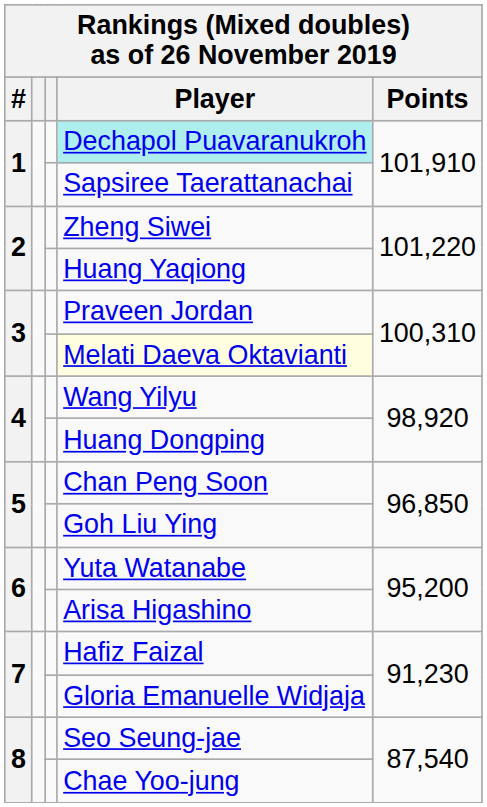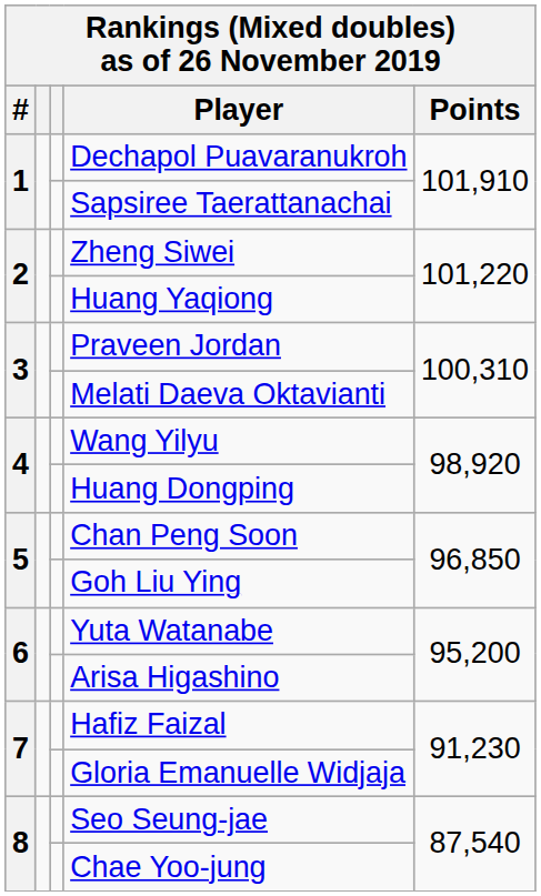 <table class="sortable wikitable">
 <tr>
 <th colspan="6">Rankings (Mixed doubles)<br>as of 26 November 2019</th>
 </tr>
 <tr>
 <th>#</th>
 <th></th>
 <th></th>
 <th>Player</th>
 <th>Points</th>
 </tr>
 <tr>
 <th rowspan="2">1</th>
 <td align="center" rowspan="2"></td>
 <td></td>
-<td style="background: paleturquoise;"><a href='#'>Dechapol Puavaranukroh</a></td>
+<td><a href='#'>Dechapol Puavaranukroh</a></td>
 <td align="center" rowspan="2">101,910</td>
 </tr>
 <tr>
 <td></td>
 <td><a href='#'>Sapsiree Taerattanachai</a></td>
 </tr>
 <tr>
 <th rowspan="2">2</th>
 <td align="center" rowspan="2"></td>
 <td></td>
 <td><a href='#'>Zheng Siwei</a></td>
 <td align="center" rowspan="2">101,220</td>
 </tr>
 <tr>
 <td></td>
 <td><a href='#'>Huang Yaqiong</a></td>
 </tr>
 <tr>
 <th rowspan="2">3</th>
 <td align="center" rowspan="2"></td>
 <td></td>
 <td><a href='#'>Praveen Jordan</a></td>
 <td align="center" rowspan="2">100,310</td>
 </tr>
 <tr>
 <td></td>
-<td style="background: lightyellow;"><a href='#'>Melati Daeva Oktavianti</a></td>
+<td><a href='#'>Melati Daeva Oktavianti</a></td>
 </tr>
 <tr>
 <th rowspan="2">4</th>
 <td align="center" rowspan="2"></td>
 <td></td>
 <td><a href='#'>Wang Yilyu</a></td>
 <td align="center" rowspan="2">98,920</td>
 </tr>
 <tr>
 <td></td>
 <td><a href='#'>Huang Dongping</a></td>
 </tr>
 <tr>
 <th rowspan="2">5</th>
 <td align="center" rowspan="2"></td>
 <td></td>
 <td><a href='#'>Chan Peng Soon</a></td>
 <td align="center" rowspan="2">96,850</td>
 </tr>
 <tr>
 <td></td>
 <td><a href='#'>Goh Liu Ying</a></td>
 </tr>
 <tr>
 <th rowspan="2">6</th>
 <td align="center" rowspan="2"></td>
 <td></td>
 <td><a href='#'>Yuta Watanabe</a></td>
 <td align="center" rowspan="2">95,200</td>
 </tr>
 <tr>
 <td></td>
 <td><a href='#'>Arisa Higashino</a></td>
 </tr>
 <tr>
 <th rowspan="2">7</th>
 <td align="center" rowspan="2"></td>
 <td></td>
 <td><a href='#'>Hafiz Faizal</a></td>
 <td align="center" rowspan="2">91,230</td>
 </tr>
 <tr>
 <td></td>
 <td><a href='#'>Gloria Emanuelle Widjaja</a></td>
 </tr>
 <tr>
 <th rowspan="2">8</th>
 <td align="center" rowspan="2"></td>
 <td></td>
 <td><a href='#'>Seo Seung-jae</a></td>
 <td align="center" rowspan="2">87,540</td>
 </tr>
 <tr>
 <td></td>
 <td><a href='#'>Chae Yoo-jung</a></td>
 </tr>
 </table>
